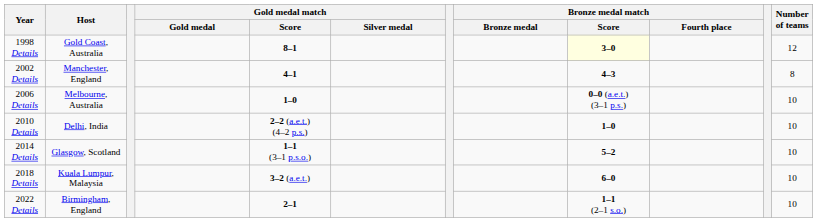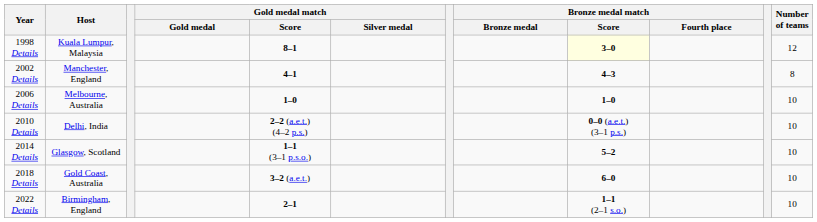 <table class="wikitable" style="text-align:center;width:100%; font-size:90%;">
 <tr>
 <th rowspan=2 width=5%>Year</th>
 <th rowspan=2 width=10%>Host</th>
 <th width=1% rowspan=9></th>
 <th colspan=3>Gold medal match</th>
 <th width=1% rowspan=9></th>
 <th colspan=3>Bronze medal match</th>
 <th width=1% rowspan=9></th>
 <th width=5% rowspan=2>Number of teams</th>
 </tr>
 <tr>
 <th width=14%>Gold medal</th>
 <th width=10%>Score</th>
 <th width=14%>Silver medal</th>
 <th width=14%>Bronze medal</th>
 <th width=10%>Score</th>
 <th width=14%>Fourth place</th>
 </tr>
 <tr>
 <td>1998 <br> <em><a href='#'>Details</a></em></td>
-<td><a href='#'>Gold Coast</a>, Australia</td>
+<td><a href='#'>Kuala Lumpur</a>, Malaysia</td>
 <td><strong></strong></td>
 <td><strong>8–1</strong></td>
 <td></td>
 <td></td>
 <td style="background: lightyellow;"><strong>3–0</strong></td>
 <td></td>
 <td>12</td>
 </tr>
 <tr>
 <td>2002 <br> <em><a href='#'>Details</a></em></td>
 <td><a href='#'>Manchester</a>, England</td>
 <td><strong></strong></td>
 <td><strong>4–1</strong></td>
 <td></td>
 <td></td>
 <td><strong>4–3</strong></td>
 <td></td>
 <td>8</td>
 </tr>
 <tr>
 <td>2006 <br> <em><a href='#'>Details</a></em></td>
 <td><a href='#'>Melbourne</a>, Australia</td>
 <td><strong></strong></td>
 <td><strong>1–0</strong></td>
 <td></td>
 <td></td>
-<td><strong>0–0</strong> (<a href='#'>a.e.t.</a>)<br>(3–1 <a href='#'>p.s.</a>)</td>
+<td><strong>1–0</strong></td>
 <td></td>
 <td>10</td>
 </tr>
 <tr>
 <td>2010 <br> <em><a href='#'>Details</a></em></td>
 <td><a href='#'>Delhi</a>, India</td>
 <td><strong></strong></td>
 <td><strong>2–2</strong> (<a href='#'>a.e.t.</a>)<br>(4–2 <a href='#'>p.s.</a>)</td>
 <td></td>
 <td></td>
-<td><strong>1–0</strong></td>
+<td><strong>0–0</strong> (<a href='#'>a.e.t.</a>)<br>(3–1 <a href='#'>p.s.</a>)</td>
 <td></td>
 <td>10</td>
 </tr>
 <tr>
 <td>2014 <br> <em><a href='#'>Details</a></em></td>
 <td><a href='#'>Glasgow</a>, Scotland</td>
 <td><strong></strong></td>
 <td><strong>1–1</strong> <br>(3–1 <a href='#'>p.s.o.</a>)</td>
 <td></td>
 <td></td>
 <td><strong>5–2</strong></td>
 <td></td>
 <td>10</td>
 </tr>
 <tr>
 <td>2018 <br> <em><a href='#'>Details</a></em></td>
-<td><a href='#'>Kuala Lumpur</a>, Malaysia</td>
+<td><a href='#'>Gold Coast</a>, Australia</td>
 <td><strong></strong></td>
 <td><strong>3–2</strong> (<a href='#'>a.e.t.</a>)</td>
 <td></td>
 <td></td>
 <td><strong>6–0</strong></td>
 <td></td>
 <td>10</td>
 </tr>
 <tr>
 <td>2022<br><em><a href='#'>Details</a></em></td>
 <td><a href='#'>Birmingham</a>, England</td>
 <td><strong></strong></td>
 <td><strong>2–1</strong></td>
 <td></td>
 <td></td>
 <td><strong>1–1</strong><br>(2–1 <a href='#'>s.o.</a>)</td>
 <td></td>
 <td>10</td>
 </tr>
 </table>
